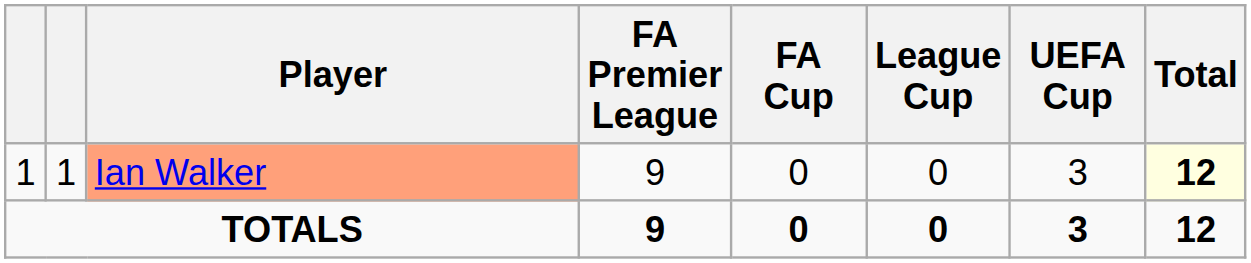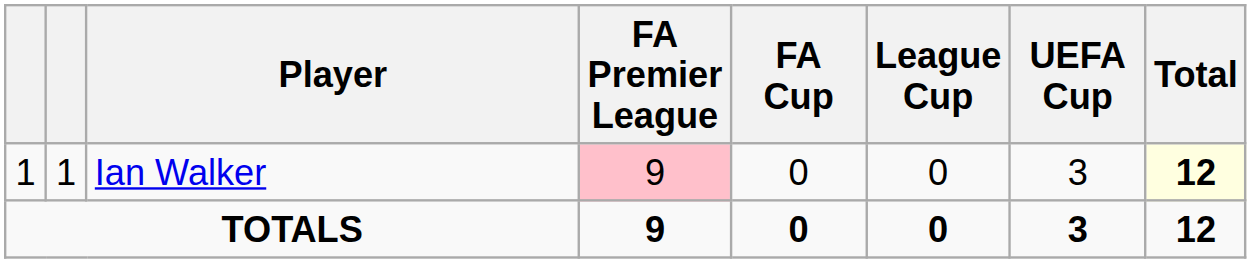 <table class="wikitable sortable" style="font-size: 95%; text-align: center;">
 <tr>
 <th width=10></th>
 <th width=10></th>
 <th width=200>Player</th>
 <th width=50>FA Premier League</th>
 <th width=50>FA Cup</th>
 <th width=50>League Cup</th>
 <th width=50>UEFA Cup</th>
 <th>Total</th>
 </tr>
 <tr>
 <td>1</td>
 <td>1</td>
-<td align="left" style="background: lightsalmon;"> <a href='#'>Ian Walker</a></td>
-<td>9</td>
+<td align="left"> <a href='#'>Ian Walker</a></td>
+<td style="background: pink;">9</td>
 <td>0</td>
 <td>0</td>
 <td>3</td>
 <td style="background: lightyellow;"><strong>12</strong></td>
 </tr>
 <tr>
 <td colspan="3"><strong>TOTALS</strong></td>
 <td><strong>9</strong></td>
 <td><strong>0</strong></td>
 <td><strong>0</strong></td>
 <td><strong>3</strong></td>
 <td><strong>12</strong></td>
 </tr>
 </table>
